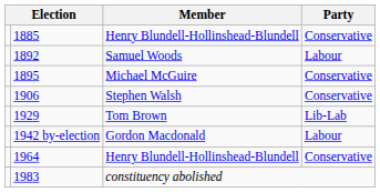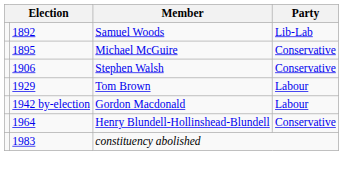 <table class="wikitable">
 <tr>
 <th colspan="2">Election</th>
 <th>Member</th>
 <th>Party</th>
 </tr>
 <tr>
 <td style="color:inherit;background-color: "></td>
-<td><a href='#'>1885</a></td>
-<td><a href='#'>Henry Blundell-Hollinshead-Blundell</a></td>
-<td><a href='#'>Conservative</a></td>
-</tr>
-<tr>
-<td style="color:inherit;background-color: "></td>
 <td><a href='#'>1892</a></td>
 <td><a href='#'>Samuel Woods</a></td>
-<td><a href='#'>Labour</a></td>
+<td><a href='#'>Lib-Lab</a></td>
 </tr>
 <tr>
 <td style="color:inherit;background-color: "></td>
 <td><a href='#'>1895</a></td>
 <td><a href='#'>Michael McGuire</a></td>
 <td><a href='#'>Conservative</a></td>
 </tr>
 <tr>
 <td style="color:inherit;background-color: "></td>
 <td><a href='#'>1906</a></td>
 <td><a href='#'>Stephen Walsh</a></td>
 <td><a href='#'>Conservative</a></td>
 </tr>
 <tr>
 <td style="color:inherit;background-color: "></td>
 <td><a href='#'>1929</a></td>
 <td><a href='#'>Tom Brown</a></td>
-<td><a href='#'>Lib-Lab</a></td>
+<td><a href='#'>Labour</a></td>
 </tr>
 <tr>
 <td style="color:inherit;background-color: "></td>
 <td><a href='#'>1942 by-election</a></td>
 <td><a href='#'>Gordon Macdonald</a></td>
 <td><a href='#'>Labour</a></td>
 </tr>
 <tr>
 <td style="color:inherit;background-color: "></td>
 <td><a href='#'>1964</a></td>
 <td><a href='#'>Henry Blundell-Hollinshead-Blundell</a></td>
 <td><a href='#'>Conservative</a></td>
 </tr>
 <tr>
 <td></td>
 <td><a href='#'>1983</a></td>
 <td colspan="2"><em>constituency abolished</em></td>
 </tr>
 </table>
